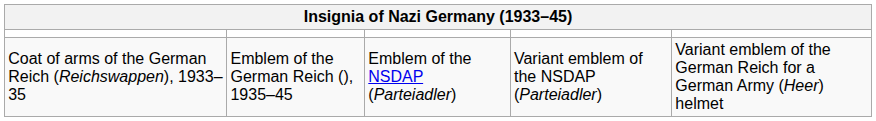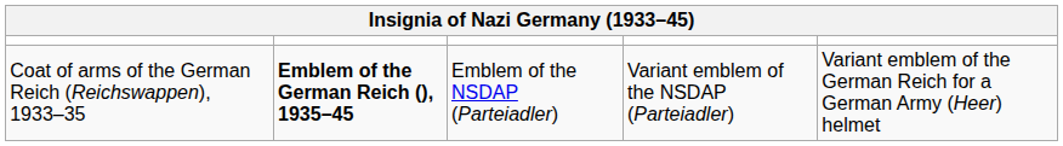 <table class="wikitable">
 <tr>
 <th class="hintergrundfarbe8" colspan="5">Insignia of Nazi Germany (1933–45)</th>
 </tr>
 <tr bgcolor="#FFFFFF">
 <td></td>
 <td></td>
 <td></td>
 <td></td>
 <td></td>
 </tr>
 <tr class="hintergrundfarbe8">
 <td>Coat of arms of the German Reich (<em>Reichswappen</em>), 1933–35</td>
-<td>Emblem of the German Reich (), 1935–45</td>
+<td><strong>Emblem of the German Reich (), 1935–45</strong></td>
 <td>Emblem of the <a href='#'>NSDAP</a> (<em>Parteiadler</em>)</td>
 <td>Variant emblem of the NSDAP (<em>Parteiadler</em>)</td>
 <td>Variant emblem of the German Reich for a German Army (<em>Heer</em>) helmet</td>
 </tr>
 </table>
